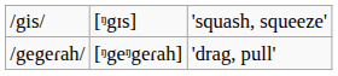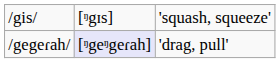 <table class="wikitable">
 <tr>
 <td>/gis/</td>
 <td>[ᵑgɪs]</td>
 <td>'squash, squeeze'</td>
 </tr>
 <tr>
 <td>/gegeɾah/</td>
-<td>[ᵑgeᵑgeɾah]</td>
+<td style="background: lavender;">[ᵑgeᵑgeɾah]</td>
 <td>'drag, pull'</td>
 </tr>
 </table>
